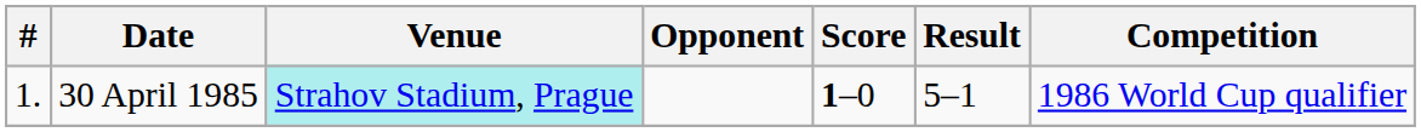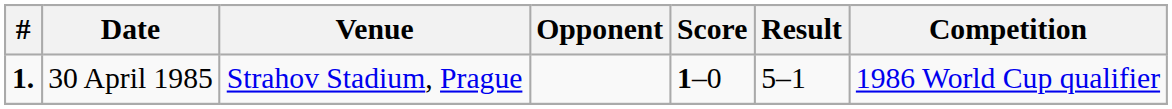 <table class="wikitable" style="font-size:90%">
 <tr>
 <th>#</th>
 <th>Date</th>
 <th>Venue</th>
 <th>Opponent</th>
 <th>Score</th>
 <th>Result</th>
 <th>Competition</th>
 </tr>
 <tr>
-<td>1.</td>
+<td><strong>1.</strong></td>
 <td>30 April 1985</td>
-<td style="background: paleturquoise;"><a href='#'>Strahov Stadium</a>, <a href='#'>Prague</a></td>
+<td><a href='#'>Strahov Stadium</a>, <a href='#'>Prague</a></td>
 <td></td>
 <td><strong>1</strong>–0</td>
 <td>5–1</td>
 <td><a href='#'>1986 World Cup qualifier</a></td>
 </tr>
 <tr>
 </tr>
 </table>
